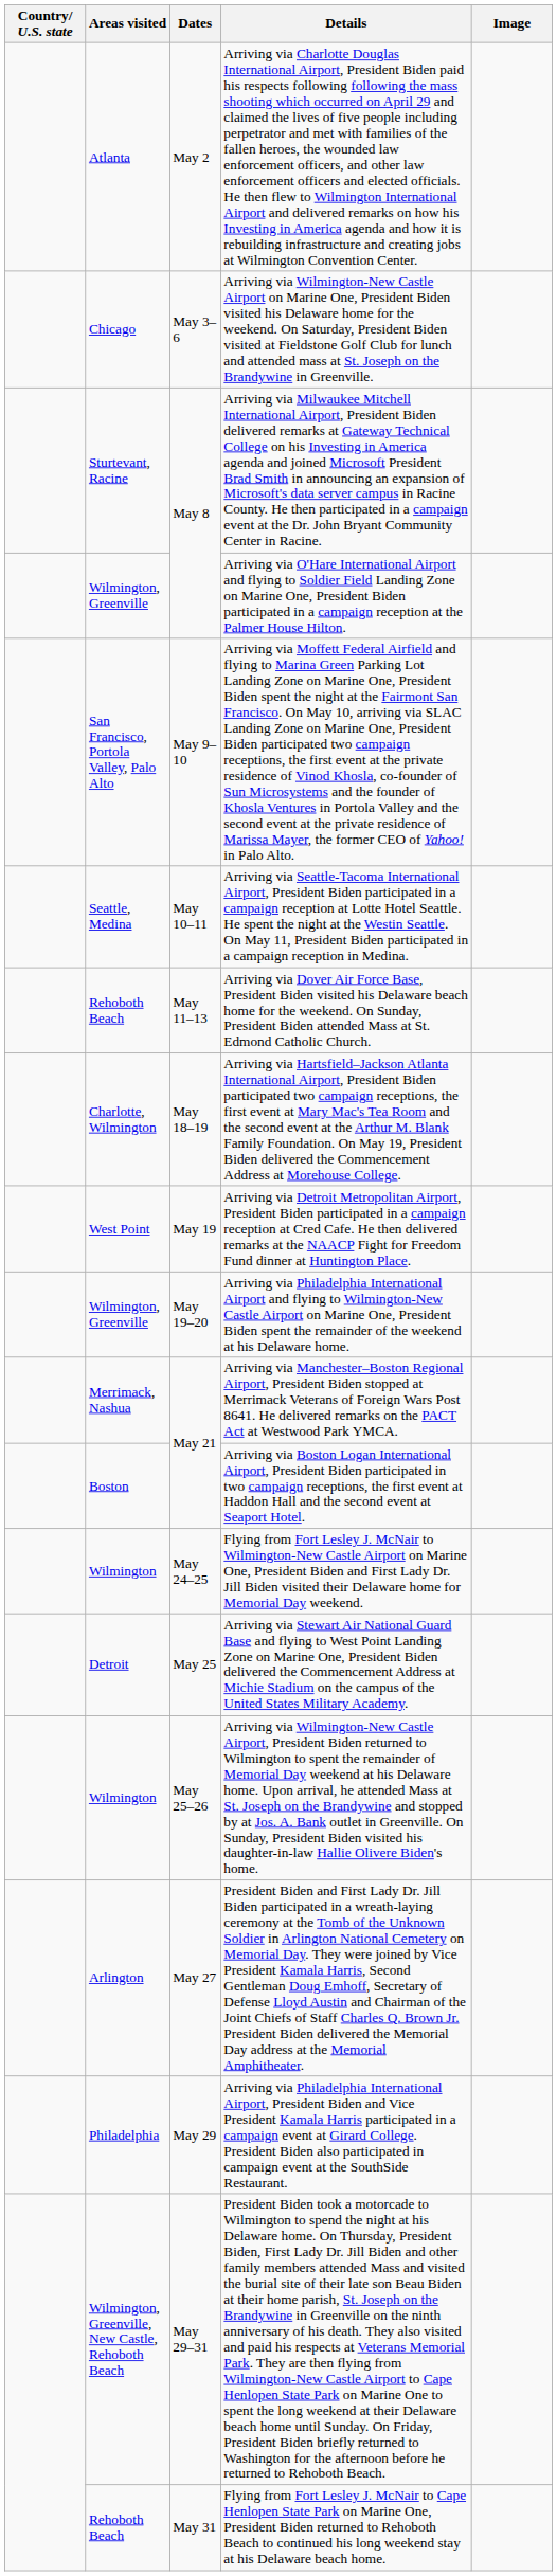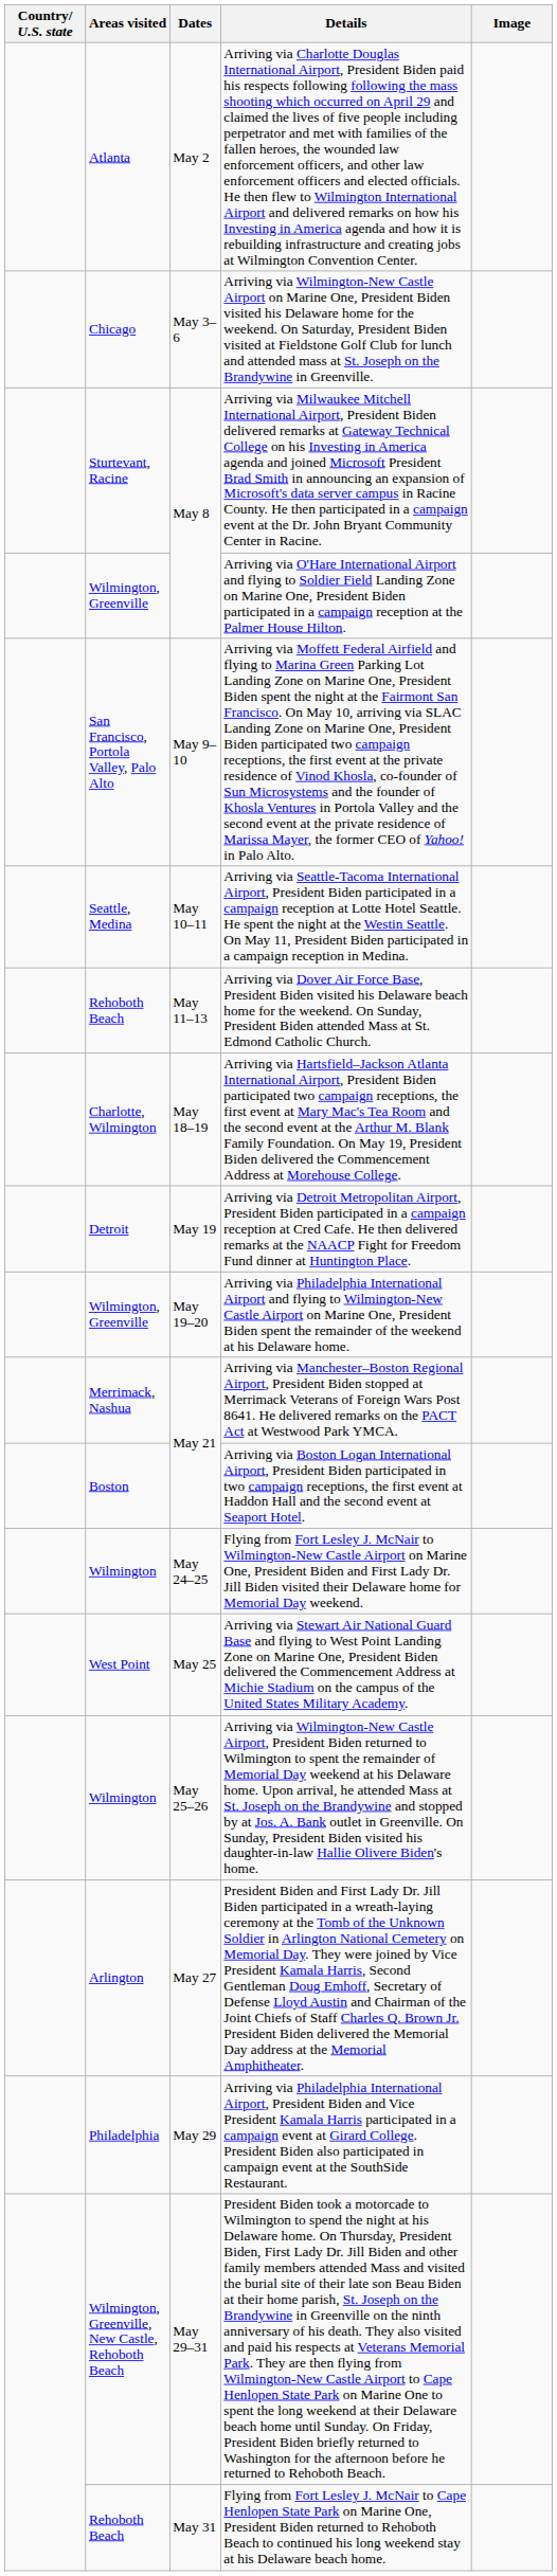 <table class="wikitable" style="margin: 1em auto 1em auto">
 <tr>
 <th width=120>Country/<br><em>U.S. state</em></th>
 <th width=100>Areas visited</th>
 <th width=70>Dates</th>
 <th width=550>Details</th>
 <th width=150>Image</th>
 </tr>
 <tr>
 <td></td>
 <td><a href='#'>Atlanta</a></td>
 <td>May 2</td>
 <td>Arriving via <a href='#'>Charlotte Douglas International Airport</a>, President Biden paid his respects following <a href='#'>following the mass shooting which occurred on April 29</a> and claimed the lives of five people including perpetrator and met with families of the fallen heroes, the wounded law enforcement officers, and other law enforcement officers and elected officials. He then flew to <a href='#'>Wilmington International Airport</a> and delivered remarks on how his <a href='#'>Investing in America</a> agenda and how it is rebuilding infrastructure and creating jobs at Wilmington Convention Center.</td>
 <td></td>
 </tr>
 <tr>
 <td></td>
 <td><a href='#'>Chicago</a></td>
 <td>May 3–6</td>
 <td>Arriving via <a href='#'>Wilmington-New Castle Airport</a> on Marine One, President Biden visited his Delaware home for the weekend. On Saturday, President Biden visited at Fieldstone Golf Club for lunch and attended mass at <a href='#'>St. Joseph on the Brandywine</a> in Greenville.</td>
 <td></td>
 </tr>
 <tr>
 <td></td>
 <td><a href='#'>Sturtevant</a>, <a href='#'>Racine</a></td>
 <td rowspan="2">May 8</td>
 <td>Arriving via <a href='#'>Milwaukee Mitchell International Airport</a>, President Biden delivered remarks at <a href='#'>Gateway Technical College</a> on his <a href='#'>Investing in America</a> agenda and joined <a href='#'>Microsoft</a> President <a href='#'>Brad Smith</a> in announcing an expansion of <a href='#'>Microsoft's data server campus</a> in Racine County. He then participated in a <a href='#'>campaign</a> event at the Dr. John Bryant Community Center in Racine.</td>
 <td></td>
 </tr>
 <tr>
 <td></td>
 <td><a href='#'>Wilmington</a>, <a href='#'>Greenville</a></td>
 <td>Arriving via <a href='#'>O'Hare International Airport</a> and flying to <a href='#'>Soldier Field</a> Landing Zone on Marine One, President Biden participated in a <a href='#'>campaign</a> reception at the <a href='#'>Palmer House Hilton</a>.</td>
 <td></td>
 </tr>
 <tr>
 <td></td>
 <td><a href='#'>San Francisco</a>, <a href='#'>Portola Valley</a>, <a href='#'>Palo Alto</a></td>
 <td>May 9–10</td>
 <td>Arriving via <a href='#'>Moffett Federal Airfield</a> and flying to <a href='#'>Marina Green</a> Parking Lot Landing Zone on Marine One, President Biden spent the night at the <a href='#'>Fairmont San Francisco</a>. On May 10, arriving via SLAC Landing Zone on Marine One, President Biden participated two <a href='#'>campaign</a> receptions, the first event at the private residence of <a href='#'>Vinod Khosla</a>, co-founder of <a href='#'>Sun Microsystems</a> and the founder of <a href='#'>Khosla Ventures</a> in Portola Valley and the second event at the private residence of <a href='#'>Marissa Mayer</a>, the former CEO of <em><a href='#'>Yahoo!</a></em> in Palo Alto.</td>
 <td></td>
 </tr>
 <tr>
 <td></td>
 <td><a href='#'>Seattle</a>, <a href='#'>Medina</a></td>
 <td>May 10–11</td>
 <td>Arriving via <a href='#'>Seattle-Tacoma International Airport</a>, President Biden participated in a <a href='#'>campaign</a> reception at Lotte Hotel Seattle. He spent the night at the <a href='#'>Westin Seattle</a>. On May 11, President Biden participated in a campaign reception in Medina.</td>
 <td></td>
 </tr>
 <tr>
 <td></td>
 <td><a href='#'>Rehoboth Beach</a></td>
 <td>May 11–13</td>
 <td>Arriving via <a href='#'>Dover Air Force Base</a>, President Biden visited his Delaware beach home for the weekend. On Sunday, President Biden attended Mass at St. Edmond Catholic Church.</td>
 <td></td>
 </tr>
 <tr>
 <td></td>
 <td><a href='#'>Charlotte</a>, <a href='#'>Wilmington</a></td>
 <td>May 18–19</td>
 <td>Arriving via <a href='#'>Hartsfield–Jackson Atlanta International Airport</a>, President Biden participated two <a href='#'>campaign</a> receptions, the first event at <a href='#'>Mary Mac's Tea Room</a> and the second event at the <a href='#'>Arthur M. Blank</a> Family Foundation. On May 19, President Biden delivered the Commencement Address at <a href='#'>Morehouse College</a>.</td>
 <td></td>
 </tr>
 <tr>
 <td></td>
-<td><a href='#'>West Point</a></td>
+<td><a href='#'>Detroit</a></td>
 <td>May 19</td>
 <td>Arriving via <a href='#'>Detroit Metropolitan Airport</a>, President Biden participated in a <a href='#'>campaign</a> reception at Cred Cafe. He then delivered remarks at the <a href='#'>NAACP</a> Fight for Freedom Fund dinner at <a href='#'>Huntington Place</a>.</td>
 <td></td>
 </tr>
 <tr>
 <td></td>
 <td><a href='#'>Wilmington</a>, <a href='#'>Greenville</a></td>
 <td>May 19–20</td>
 <td>Arriving via <a href='#'>Philadelphia International Airport</a> and flying to <a href='#'>Wilmington-New Castle Airport</a> on Marine One, President Biden spent the remainder of the weekend at his Delaware home.</td>
 <td></td>
 </tr>
 <tr>
 <td></td>
 <td><a href='#'>Merrimack</a>, <a href='#'>Nashua</a></td>
 <td rowspan="2">May 21</td>
 <td>Arriving via <a href='#'>Manchester–Boston Regional Airport</a>, President Biden stopped at Merrimack Veterans of Foreign Wars Post 8641. He delivered remarks on the <a href='#'>PACT Act</a> at Westwood Park YMCA.</td>
 <td></td>
 </tr>
 <tr>
 <td></td>
 <td><a href='#'>Boston</a></td>
 <td>Arriving via <a href='#'>Boston Logan International Airport</a>, President Biden participated in two <a href='#'>campaign</a> receptions, the first event at Haddon Hall and the second event at <a href='#'>Seaport Hotel</a>.</td>
 <td></td>
 </tr>
 <tr>
 <td></td>
 <td><a href='#'>Wilmington</a></td>
 <td>May 24–25</td>
 <td>Flying from <a href='#'>Fort Lesley J. McNair</a> to <a href='#'>Wilmington-New Castle Airport</a> on Marine One, President Biden and First Lady Dr. Jill Biden visited their Delaware home for <a href='#'>Memorial Day</a> weekend.</td>
 <td></td>
 </tr>
 <tr>
 <td></td>
-<td><a href='#'>Detroit</a></td>
+<td><a href='#'>West Point</a></td>
 <td>May 25</td>
 <td>Arriving via <a href='#'>Stewart Air National Guard Base</a> and flying to West Point Landing Zone on Marine One, President Biden delivered the Commencement Address at <a href='#'>Michie Stadium</a> on the campus of the <a href='#'>United States Military Academy</a>.</td>
 <td></td>
 </tr>
 <tr>
 <td></td>
 <td><a href='#'>Wilmington</a></td>
 <td>May 25–26</td>
 <td>Arriving via <a href='#'>Wilmington-New Castle Airport</a>, President Biden returned to Wilmington to spent the remainder of <a href='#'>Memorial Day</a> weekend at his Delaware home. Upon arrival, he attended Mass at <a href='#'>St. Joseph on the Brandywine</a> and stopped by at <a href='#'>Jos. A. Bank</a> outlet in Greenville. On Sunday, President Biden visited his daughter-in-law <a href='#'>Hallie Olivere Biden</a>'s home.</td>
 <td></td>
 </tr>
 <tr>
 <td></td>
 <td><a href='#'>Arlington</a></td>
 <td>May 27</td>
 <td>President Biden and First Lady Dr. Jill Biden participated in a wreath-laying ceremony at the <a href='#'>Tomb of the Unknown Soldier</a> in <a href='#'>Arlington National Cemetery</a> on <a href='#'>Memorial Day</a>. They were joined by Vice President <a href='#'>Kamala Harris</a>, Second Gentleman <a href='#'>Doug Emhoff</a>, Secretary of Defense <a href='#'>Lloyd Austin</a> and Chairman of the Joint Chiefs of Staff <a href='#'>Charles Q. Brown Jr.</a> President Biden delivered the Memorial Day address at the <a href='#'>Memorial Amphitheater</a>.</td>
 <td></td>
 </tr>
 <tr>
 <td></td>
 <td><a href='#'>Philadelphia</a></td>
 <td>May 29</td>
 <td>Arriving via <a href='#'>Philadelphia International Airport</a>, President Biden and Vice President <a href='#'>Kamala Harris</a> participated in a <a href='#'>campaign</a> event at <a href='#'>Girard College</a>. President Biden also participated in campaign event at the SouthSide Restaurant.</td>
 <td></td>
 </tr>
 <tr>
 <td rowspan="2"></td>
 <td><a href='#'>Wilmington</a>, <a href='#'>Greenville</a>, <a href='#'>New Castle</a>, <a href='#'>Rehoboth Beach</a></td>
 <td>May 29–31</td>
 <td>President Biden took a motorcade to Wilmington to spend the night at his Delaware home. On Thursday, President Biden, First Lady Dr. Jill Biden and other family members attended Mass and visited the burial site of their late son Beau Biden at their home parish, <a href='#'>St. Joseph on the Brandywine</a> in Greenville on the ninth anniversary of his death. They also visited and paid his respects at <a href='#'>Veterans Memorial Park</a>. They are then flying from <a href='#'>Wilmington-New Castle Airport</a> to <a href='#'>Cape Henlopen State Park</a> on Marine One to spent the long weekend at their Delaware beach home until Sunday. On Friday, President Biden briefly returned to Washington for the afternoon before he returned to Rehoboth Beach.</td>
 <td></td>
 </tr>
 <tr>
 <td><a href='#'>Rehoboth Beach</a></td>
 <td>May 31</td>
 <td>Flying from <a href='#'>Fort Lesley J. McNair</a> to <a href='#'>Cape Henlopen State Park</a> on Marine One, President Biden returned to Rehoboth Beach to continued his long weekend stay at his Delaware beach home.</td>
 <td></td>
 </tr>
 </table>
